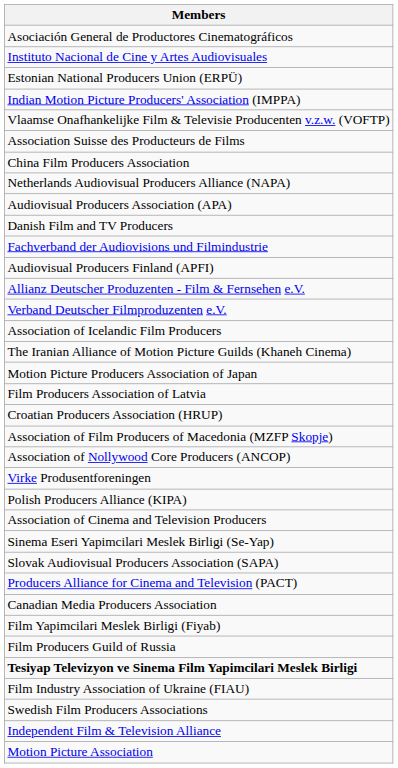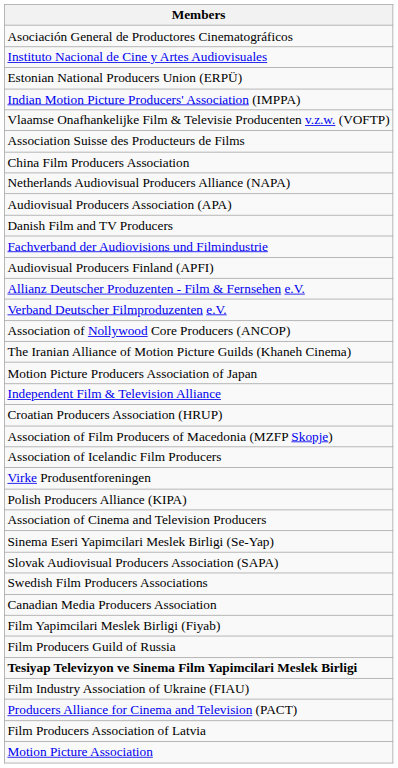 <table class="wikitable sortable">
 <tr>
 <th scope="col">Members</th>
 </tr>
 <tr>
 <td> Asociación General de Productores Cinematográficos</td>
 </tr>
 <tr>
 <td> <a href='#'>Instituto Nacional de Cine y Artes Audiovisuales</a></td>
 </tr>
 <tr>
 <td> Estonian National Producers Union (ERPÜ)</td>
 </tr>
 <tr>
 <td> <a href='#'>Indian Motion Picture Producers' Association</a> (IMPPA)</td>
 </tr>
 <tr>
 <td> Vlaamse Onafhankelijke Film & Televisie Producenten <a href='#'>v.z.w.</a> (VOFTP)</td>
 </tr>
 <tr>
 <td> Association Suisse des Producteurs de Films</td>
 </tr>
 <tr>
 <td> China Film Producers Association</td>
 </tr>
 <tr>
 <td> Netherlands Audiovisual Producers Alliance (NAPA)</td>
 </tr>
 <tr>
 <td> Audiovisual Producers Association (APA)</td>
 </tr>
 <tr>
 <td> Danish Film and TV Producers</td>
 </tr>
 <tr>
 <td> <a href='#'>Fachverband der Audiovisions und Filmindustrie</a></td>
 </tr>
 <tr>
 <td> Audiovisual Producers Finland (APFI)</td>
 </tr>
 <tr>
 <td> <a href='#'>Allianz Deutscher Produzenten - Film & Fernsehen</a> <a href='#'>e.V.</a></td>
 </tr>
 <tr>
 <td> <a href='#'>Verband Deutscher Filmproduzenten</a> <a href='#'>e.V.</a></td>
 </tr>
 <tr>
-<td> Association of Icelandic Film Producers</td>
+<td> Association of <a href='#'>Nollywood</a> Core Producers (ANCOP)</td>
 </tr>
 <tr>
 <td> The Iranian Alliance of Motion Picture Guilds (Khaneh Cinema)</td>
 </tr>
 <tr>
 <td> Motion Picture Producers Association of Japan</td>
 </tr>
 <tr>
-<td> Film Producers Association of Latvia</td>
+<td> <a href='#'>Independent Film & Television Alliance</a></td>
 </tr>
 <tr>
 <td> Croatian Producers Association (HRUP)</td>
 </tr>
 <tr>
 <td> Association of Film Producers of Macedonia (MZFP <a href='#'>Skopje</a>)</td>
 </tr>
 <tr>
-<td> Association of <a href='#'>Nollywood</a> Core Producers (ANCOP)</td>
+<td> Association of Icelandic Film Producers</td>
 </tr>
 <tr>
 <td> <a href='#'>Virke</a> Produsentforeningen</td>
 </tr>
 <tr>
 <td> Polish Producers Alliance (KIPA)</td>
 </tr>
 <tr>
 <td> Association of Cinema and Television Producers</td>
 </tr>
 <tr>
 <td> Sinema Eseri Yapimcilari Meslek Birligi (Se-Yap)</td>
 </tr>
 <tr>
 <td> Slovak Audiovisual Producers Association (SAPA)</td>
 </tr>
 <tr>
-<td> <a href='#'>Producers Alliance for Cinema and Television</a> (PACT)</td>
+<td> Swedish Film Producers Associations</td>
 </tr>
 <tr>
 <td> Canadian Media Producers Association</td>
 </tr>
 <tr>
 <td> Film Yapimcilari Meslek Birligi (Fiyab)</td>
 </tr>
 <tr>
 <td> Film Producers Guild of Russia</td>
 </tr>
 <tr>
 <td><strong> Tesiyap Televizyon ve Sinema Film Yapimcilari Meslek Birligi</strong></td>
 </tr>
 <tr>
 <td> Film Industry Association of Ukraine (FIAU)</td>
 </tr>
 <tr>
-<td> Swedish Film Producers Associations</td>
+<td> <a href='#'>Producers Alliance for Cinema and Television</a> (PACT)</td>
 </tr>
 <tr>
-<td> <a href='#'>Independent Film & Television Alliance</a></td>
+<td> Film Producers Association of Latvia</td>
 </tr>
 <tr>
 <td> <a href='#'>Motion Picture Association</a></td>
 </tr>
 </table>
